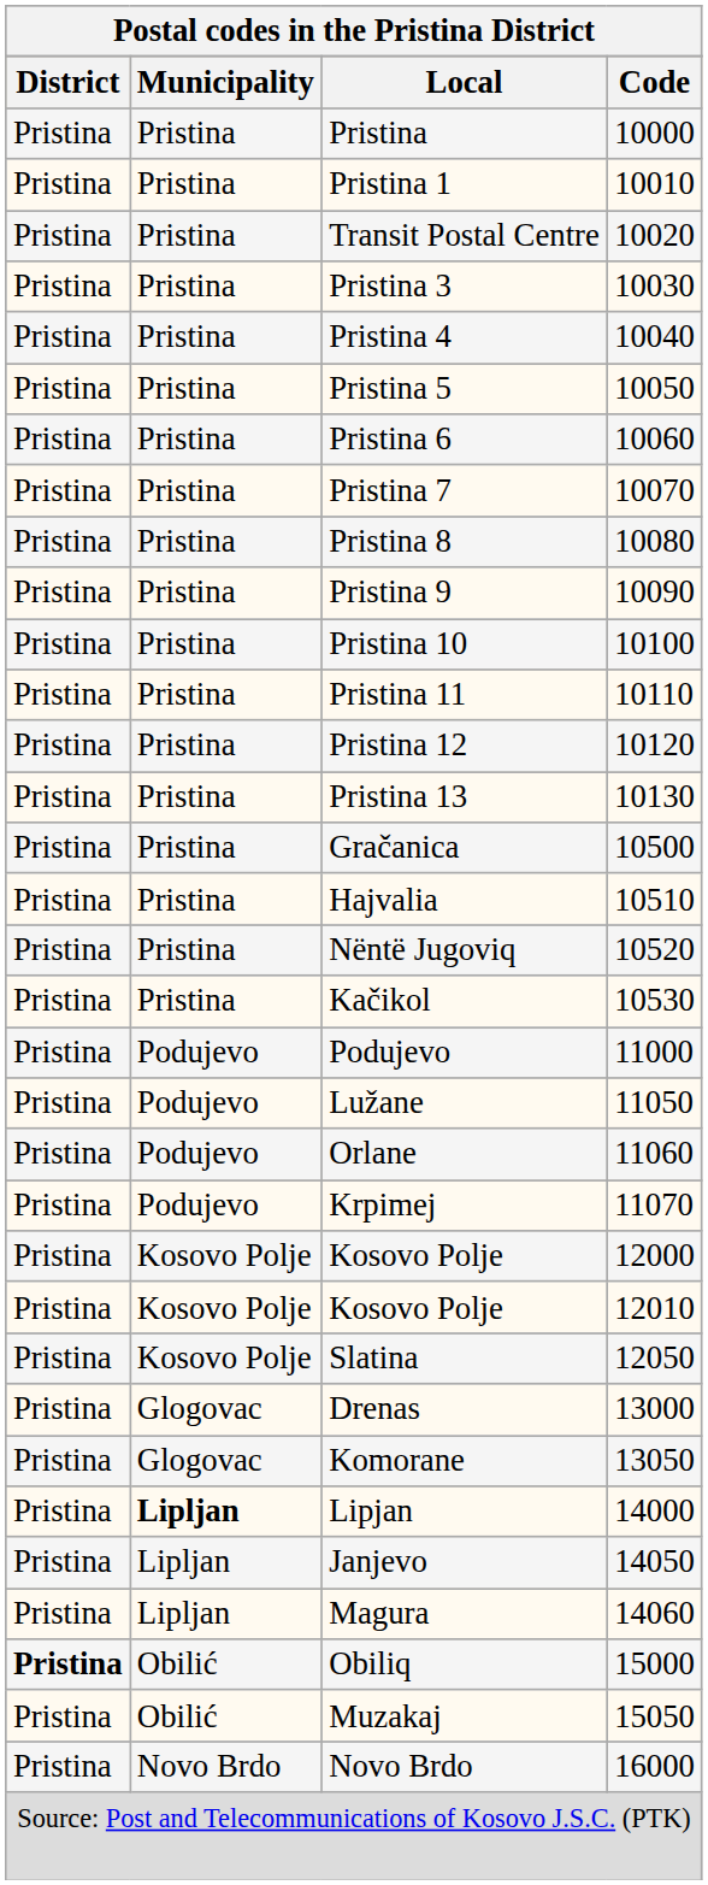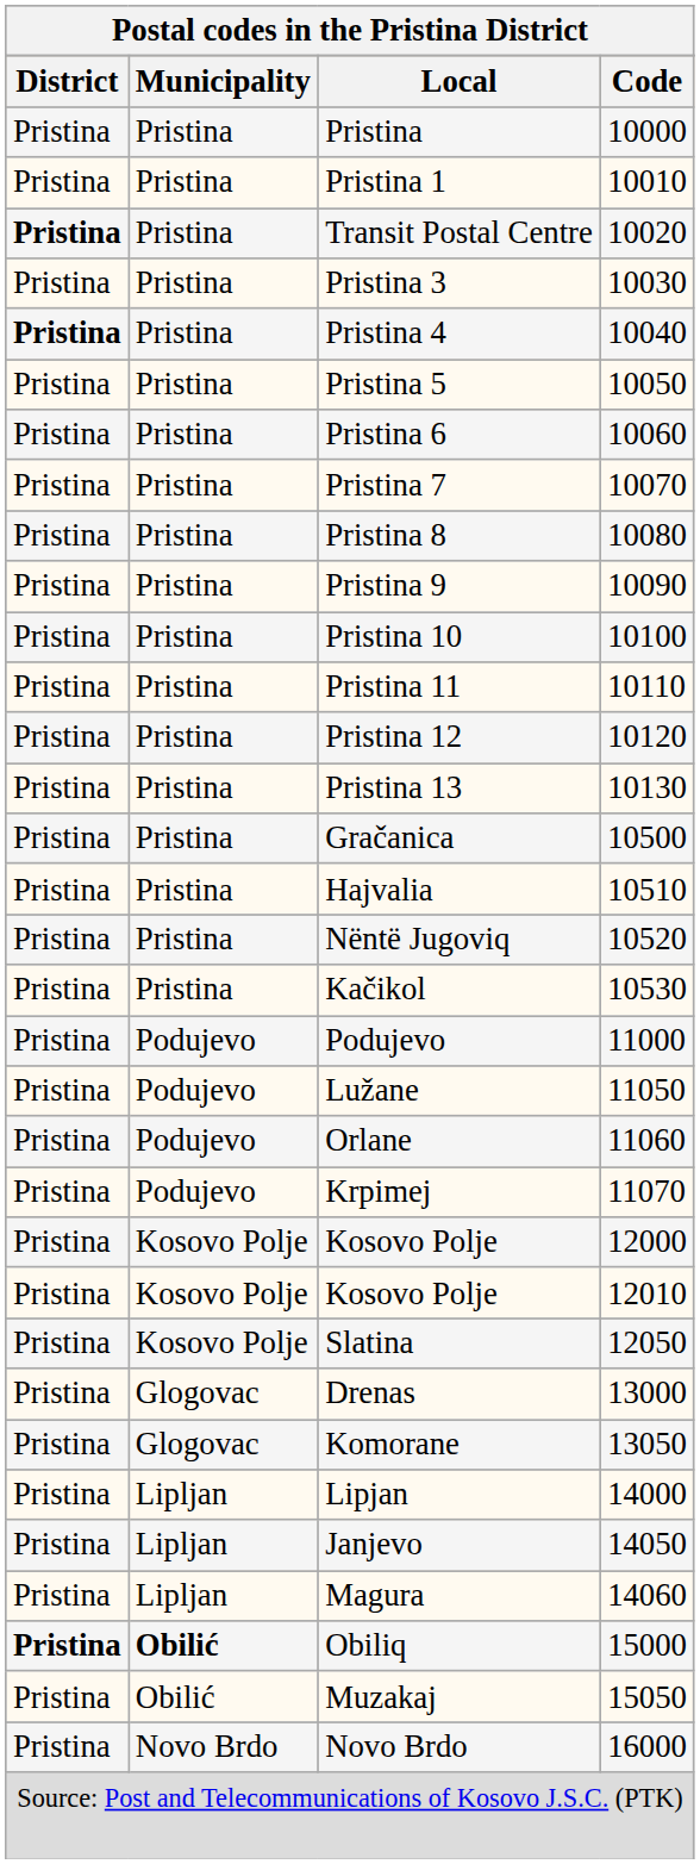 <table class="wikitable collapsible collapsed">
 <tr>
 <th colspan=4>Postal codes in the Pristina District</th>
 </tr>
 <tr>
 </tr>
 <tr bgcolor="#FFEBCD">
 <th>District</th>
 <th>Municipality</th>
 <th>Local</th>
 <th>Code</th>
 </tr>
 <tr bgcolor="#f5f5f5">
 <td>Pristina</td>
 <td>Pristina</td>
 <td>Pristina</td>
 <td>10000</td>
 </tr>
 <tr bgcolor="#fffaf0">
 <td>Pristina</td>
 <td>Pristina</td>
 <td>Pristina 1</td>
 <td>10010</td>
 </tr>
 <tr bgcolor="#f5f5f5">
-<td>Pristina</td>
+<td><strong>Pristina</strong></td>
 <td>Pristina</td>
 <td>Transit Postal Centre</td>
 <td>10020</td>
 </tr>
 <tr bgcolor="#fffaf0">
 <td>Pristina</td>
 <td>Pristina</td>
 <td>Pristina 3</td>
 <td>10030</td>
 </tr>
 <tr bgcolor="#f5f5f5">
-<td>Pristina</td>
+<td><strong>Pristina</strong></td>
 <td>Pristina</td>
 <td>Pristina 4</td>
 <td>10040</td>
 </tr>
 <tr bgcolor="#fffaf0">
 <td>Pristina</td>
 <td>Pristina</td>
 <td>Pristina 5</td>
 <td>10050</td>
 </tr>
 <tr bgcolor="#f5f5f5">
 <td>Pristina</td>
 <td>Pristina</td>
 <td>Pristina 6</td>
 <td>10060</td>
 </tr>
 <tr bgcolor="#fffaf0">
 <td>Pristina</td>
 <td>Pristina</td>
 <td>Pristina 7</td>
 <td>10070</td>
 </tr>
 <tr bgcolor="#f5f5f5">
 <td>Pristina</td>
 <td>Pristina</td>
 <td>Pristina 8</td>
 <td>10080</td>
 </tr>
 <tr bgcolor="#fffaf0">
 <td>Pristina</td>
 <td>Pristina</td>
 <td>Pristina 9</td>
 <td>10090</td>
 </tr>
 <tr bgcolor="#f5f5f5">
 <td>Pristina</td>
 <td>Pristina</td>
 <td>Pristina 10</td>
 <td>10100</td>
 </tr>
 <tr bgcolor="#fffaf0">
 <td>Pristina</td>
 <td>Pristina</td>
 <td>Pristina 11</td>
 <td>10110</td>
 </tr>
 <tr bgcolor="#f5f5f5">
 <td>Pristina</td>
 <td>Pristina</td>
 <td>Pristina 12</td>
 <td>10120</td>
 </tr>
 <tr bgcolor="#fffaf0">
 <td>Pristina</td>
 <td>Pristina</td>
 <td>Pristina 13</td>
 <td>10130</td>
 </tr>
 <tr bgcolor="#f5f5f5">
 <td>Pristina</td>
 <td>Pristina</td>
 <td>Gračanica</td>
 <td>10500</td>
 </tr>
 <tr bgcolor="#fffaf0">
 <td>Pristina</td>
 <td>Pristina</td>
 <td>Hajvalia</td>
 <td>10510</td>
 </tr>
 <tr bgcolor="#f5f5f5">
 <td>Pristina</td>
 <td>Pristina</td>
 <td>Nëntë Jugoviq</td>
 <td>10520</td>
 </tr>
 <tr bgcolor="#fffaf0">
 <td>Pristina</td>
 <td>Pristina</td>
 <td>Kačikol</td>
 <td>10530</td>
 </tr>
 <tr bgcolor="#f5f5f5">
 <td>Pristina</td>
 <td>Podujevo</td>
 <td>Podujevo</td>
 <td>11000</td>
 </tr>
 <tr bgcolor="#fffaf0">
 <td>Pristina</td>
 <td>Podujevo</td>
 <td>Lužane</td>
 <td>11050</td>
 </tr>
 <tr bgcolor="#f5f5f5">
 <td>Pristina</td>
 <td>Podujevo</td>
 <td>Orlane</td>
 <td>11060</td>
 </tr>
 <tr bgcolor="#fffaf0">
 <td>Pristina</td>
 <td>Podujevo</td>
 <td>Krpimej</td>
 <td>11070</td>
 </tr>
 <tr bgcolor="#f5f5f5">
 <td>Pristina</td>
 <td>Kosovo Polje</td>
 <td>Kosovo Polje</td>
 <td>12000</td>
 </tr>
 <tr bgcolor="#fffaf0">
 <td>Pristina</td>
 <td>Kosovo Polje</td>
 <td>Kosovo Polje</td>
 <td>12010</td>
 </tr>
 <tr bgcolor="#f5f5f5">
 <td>Pristina</td>
 <td>Kosovo Polje</td>
 <td>Slatina</td>
 <td>12050</td>
 </tr>
 <tr bgcolor="#fffaf0">
 <td>Pristina</td>
 <td>Glogovac</td>
 <td>Drenas</td>
 <td>13000</td>
 </tr>
 <tr bgcolor="#f5f5f5">
 <td>Pristina</td>
 <td>Glogovac</td>
 <td>Komorane</td>
 <td>13050</td>
 </tr>
 <tr bgcolor="#fffaf0">
 <td>Pristina</td>
-<td><strong>Lipljan</strong></td>
+<td>Lipljan</td>
 <td>Lipjan</td>
 <td>14000</td>
 </tr>
 <tr bgcolor="#f5f5f5">
 <td>Pristina</td>
 <td>Lipljan</td>
 <td>Janjevo</td>
 <td>14050</td>
 </tr>
 <tr bgcolor="#fffaf0">
 <td>Pristina</td>
 <td>Lipljan</td>
 <td>Magura</td>
 <td>14060</td>
 </tr>
 <tr bgcolor="#f5f5f5">
 <td><strong>Pristina</strong></td>
-<td>Obilić</td>
+<td><strong>Obilić</strong></td>
 <td>Obiliq</td>
 <td>15000</td>
 </tr>
 <tr bgcolor="#fffaf0">
 <td>Pristina</td>
 <td>Obilić</td>
 <td>Muzakaj</td>
 <td>15050</td>
 </tr>
 <tr bgcolor="#f5f5f5">
 <td>Pristina</td>
 <td>Novo Brdo</td>
 <td>Novo Brdo</td>
 <td>16000</td>
 </tr>
 <tr>
 <td colspan="10" align=center style="background:#dcdcdc;"><small>Source: <a href='#'>Post and Telecommunications of Kosovo J.S.C.</a> (PTK)<br>  </small></td>
 </tr>
 </table>
